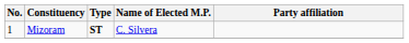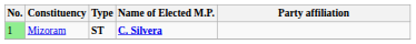 <table class="wikitable" style="font-size:95%;">
 <tr>
 <th>No.</th>
 <th>Constituency</th>
 <th>Type</th>
 <th>Name of Elected M.P.</th>
 <th colspan="2" style="width:18em">Party affiliation</th>
 </tr>
 <tr>
-<td>1</td>
+<td style="background: lightgreen;">1</td>
 <td><a href='#'>Mizoram</a></td>
 <td><strong>ST</strong></td>
-<td><a href='#'>C. Silvera</a></td>
+<td><strong><a href='#'>C. Silvera</a></strong></td>
 <td></td>
 </tr>
 <tr>
 </tr>
 </table>
